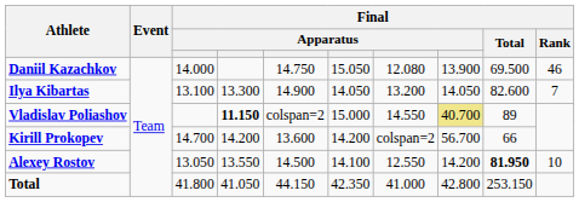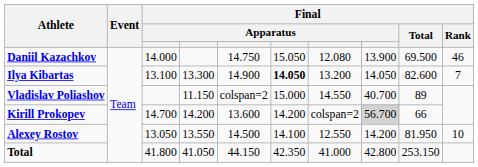 <table class="wikitable" style="text-align:center; font-size:90%">
 <tr>
 <th rowspan=3>Athlete</th>
 <th rowspan=3>Event</th>
 <th colspan =8>Final</th>
 </tr>
 <tr style="font-size:95%">
 <th colspan=6>Apparatus</th>
 <th rowspan=2>Total</th>
 <th rowspan=2>Rank</th>
 </tr>
 <tr style="font-size:95%">
 <th></th>
 <th></th>
 <th></th>
 <th></th>
 <th></th>
 <th></th>
 </tr>
 <tr>
 <td align=left><strong><a href='#'>Daniil Kazachkov</a></strong></td>
 <td align=left rowspan=6><a href='#'>Team</a></td>
 <td>14.000</td>
 <td></td>
 <td>14.750</td>
 <td>15.050</td>
 <td>12.080</td>
 <td>13.900</td>
 <td>69.500</td>
 <td>46</td>
 </tr>
 <tr>
 <td align=left><strong><a href='#'>Ilya Kibartas</a></strong></td>
 <td>13.100</td>
 <td>13.300</td>
 <td>14.900</td>
-<td>14.050</td>
+<td><strong>14.050</strong></td>
 <td>13.200</td>
 <td>14.050</td>
 <td>82.600</td>
 <td>7</td>
 </tr>
 <tr>
 <td align=left><strong><a href='#'>Vladislav Poliashov</a></strong></td>
 <td></td>
-<td><strong>11.150</strong></td>
+<td>11.150</td>
 <td>colspan=2</td>
 <td>15.000</td>
 <td>14.550</td>
-<td style="background: khaki;">40.700</td>
+<td>40.700</td>
 <td>89</td>
 </tr>
 <tr>
 <td align=left><strong><a href='#'>Kirill Prokopev</a></strong></td>
 <td>14.700</td>
 <td>14.200</td>
 <td>13.600</td>
 <td>14.200</td>
 <td>colspan=2</td>
-<td>56.700</td>
+<td style="background: lightgrey;">56.700</td>
 <td>66</td>
 </tr>
 <tr>
 <td align=left><strong><a href='#'>Alexey Rostov</a></strong></td>
 <td>13.050</td>
 <td>13.550</td>
 <td>14.500</td>
 <td>14.100</td>
 <td>12.550</td>
 <td>14.200</td>
-<td><strong>81.950</strong></td>
+<td>81.950</td>
 <td>10</td>
 </tr>
 <tr>
 <td align=left><strong>Total</strong></td>
 <td>41.800</td>
 <td>41.050</td>
 <td>44.150</td>
 <td>42.350</td>
 <td>41.000</td>
 <td>42.800</td>
 <td>253.150</td>
 <td></td>
 </tr>
 </table>
